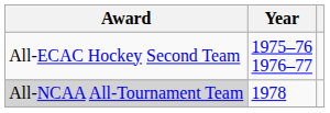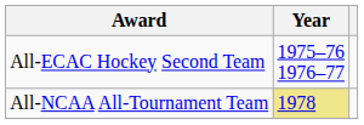 <table class="wikitable">
 <tr>
 <th>Award</th>
 <th>Year</th>
 <th></th>
 </tr>
 <tr>
 <td>All-<a href='#'>ECAC Hockey</a> <a href='#'>Second Team</a></td>
 <td><a href='#'>1975–76</a><br><a href='#'>1976–77</a></td>
 <td></td>
 </tr>
 <tr>
-<td style="background: lightgrey;">All-<a href='#'>NCAA</a> <a href='#'>All-Tournament Team</a></td>
-<td><a href='#'>1978</a></td>
+<td>All-<a href='#'>NCAA</a> <a href='#'>All-Tournament Team</a></td>
+<td style="background: khaki;"><a href='#'>1978</a></td>
 <td></td>
 </tr>
 <tr>
 </tr>
 </table>
